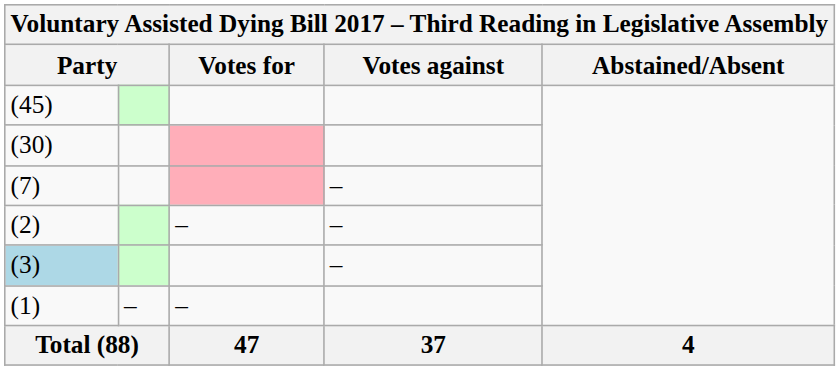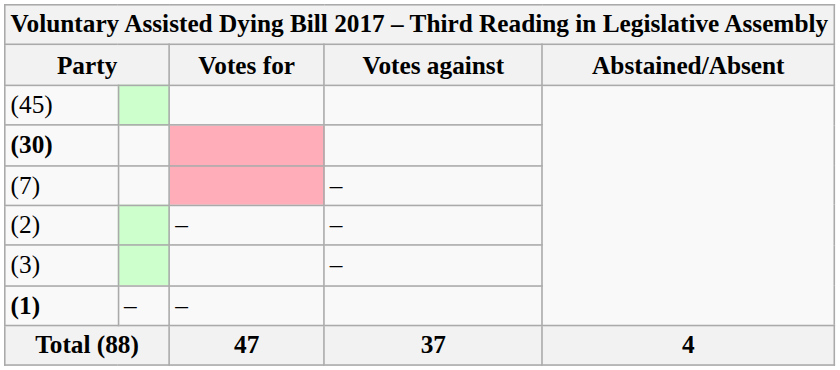 <table class="wikitable mw-collapsible mw-collapsed">
 <tr>
 <th colspan="5">Voluntary Assisted Dying Bill 2017 – Third Reading in Legislative Assembly</th>
 </tr>
 <tr>
 <th colspan="2">Party</th>
 <th>Votes for</th>
 <th>Votes against</th>
 <th>Abstained/Absent</th>
 </tr>
 <tr>
 <td> (45)</td>
 <td style="background-color:#CCFFCC;"></td>
 <td></td>
 <td></td>
 </tr>
 <tr>
-<td> (30)</td>
+<td><strong> (30)</strong></td>
 <td></td>
 <td style="background-color:#FFAEB9;"></td>
 <td></td>
 </tr>
 <tr>
 <td> (7)</td>
 <td></td>
 <td style="background-color:#FFAEB9;"></td>
 <td>–</td>
 </tr>
 <tr>
 <td> (2)</td>
 <td style="background-color:#CCFFCC;"></td>
 <td>–</td>
 <td>–</td>
 </tr>
 <tr>
-<td style="background: lightblue;"> (3)</td>
+<td> (3)</td>
 <td style="background-color:#CCFFCC;"></td>
 <td></td>
 <td>–</td>
 </tr>
 <tr>
-<td> (1)</td>
+<td><strong> (1)</strong></td>
 <td>–</td>
 <td>–</td>
 <td></td>
 </tr>
 <tr>
 <th colspan=2>Total (88)</th>
 <th>47</th>
 <th>37</th>
 <th>4</th>
 </tr>
 </table>
